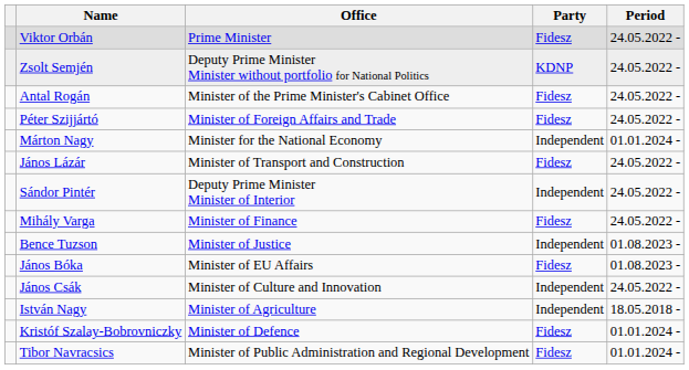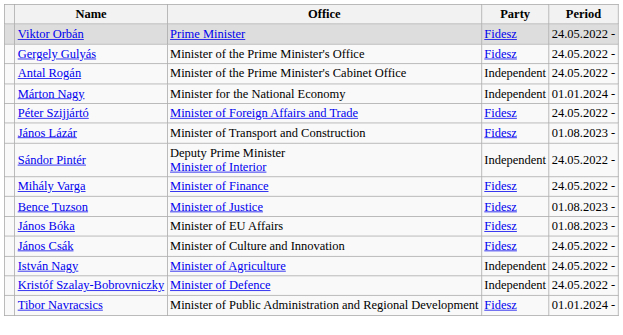 <table class="wikitable sortable" style="border-collapse:collapse; border:#555">
 <tr>
 <th class="unsortable" width=6px></th>
 <th>Name</th>
 <th>Office</th>
 <th>Party</th>
 <th>Period</th>
 </tr>
 <tr bgcolor="#DDDDDD">
 <td style="background-color: "></td>
 <td><a href='#'>Viktor Orbán</a></td>
 <td><a href='#'>Prime Minister</a></td>
 <td><a href='#'>Fidesz</a></td>
 <td>24.05.2022 -</td>
 </tr>
-<tr bgcolor="#EEEEEE">
+<tr>
 <td style="background-color: "></td>
-<td><a href='#'>Zsolt Semjén</a></td>
-<td>Deputy Prime Minister<br><a href='#'>Minister without portfolio</a> <small>for National Politics</small></td>
-<td><a href='#'>KDNP</a></td>
+<td><a href='#'>Gergely Gulyás</a></td>
+<td>Minister of the Prime Minister's Office</td>
+<td><a href='#'>Fidesz</a></td>
 <td>24.05.2022 -</td>
 </tr>
 <tr>
 <td style="background-color: "></td>
 <td><a href='#'>Antal Rogán</a></td>
 <td>Minister of the Prime Minister's Cabinet Office</td>
-<td><a href='#'>Fidesz</a></td>
-<td>24.05.2022 -</td>
-</tr>
-<tr>
-<td style="background-color: "></td>
-<td><a href='#'>Péter Szijjártó</a></td>
-<td><a href='#'>Minister of Foreign Affairs and Trade</a></td>
-<td><a href='#'>Fidesz</a></td>
+<td>Independent</td>
 <td>24.05.2022 -</td>
 </tr>
 <tr>
 <td style="background-color: "></td>
 <td><a href='#'>Márton Nagy</a></td>
 <td>Minister for the National Economy</td>
 <td>Independent</td>
 <td>01.01.2024 -</td>
 </tr>
 <tr>
 <td style="background-color: "></td>
+<td><a href='#'>Péter Szijjártó</a></td>
+<td><a href='#'>Minister of Foreign Affairs and Trade</a></td>
+<td><a href='#'>Fidesz</a></td>
+<td>24.05.2022 -</td>
+</tr>
+<tr>
+<td style="background-color: "></td>
 <td><a href='#'>János Lázár</a></td>
 <td>Minister of Transport and Construction</td>
 <td><a href='#'>Fidesz</a></td>
-<td>24.05.2022 -</td>
+<td>01.08.2023 -</td>
 </tr>
 <tr>
 <td style="background-color: "></td>
 <td><a href='#'>Sándor Pintér</a></td>
 <td>Deputy Prime Minister<br><a href='#'>Minister of Interior</a></td>
 <td>Independent</td>
 <td>24.05.2022 -</td>
 </tr>
 <tr>
 <td style="background-color: "></td>
 <td><a href='#'>Mihály Varga</a></td>
 <td><a href='#'>Minister of Finance</a></td>
 <td><a href='#'>Fidesz</a></td>
 <td>24.05.2022 -</td>
 </tr>
 <tr>
 <td style="background-color: "></td>
 <td><a href='#'>Bence Tuzson</a></td>
 <td><a href='#'>Minister of Justice</a></td>
-<td>Independent</td>
+<td><a href='#'>Fidesz</a></td>
 <td>01.08.2023 -</td>
 </tr>
 <tr>
 <td style="background-color: "></td>
 <td><a href='#'>János Bóka</a></td>
 <td>Minister of EU Affairs</td>
 <td><a href='#'>Fidesz</a></td>
 <td>01.08.2023 -</td>
 </tr>
 <tr>
 <td style="background-color: "></td>
 <td><a href='#'>János Csák</a></td>
 <td>Minister of Culture and Innovation</td>
-<td>Independent</td>
+<td><a href='#'>Fidesz</a></td>
 <td>24.05.2022 -</td>
 </tr>
 <tr>
 <td style="background-color: "></td>
 <td><a href='#'>István Nagy</a></td>
 <td><a href='#'>Minister of Agriculture</a></td>
 <td>Independent</td>
-<td>18.05.2018 -</td>
+<td>24.05.2022 -</td>
 </tr>
 <tr>
 <td style="background-color: "></td>
 <td><a href='#'>Kristóf Szalay-Bobrovniczky</a></td>
 <td><a href='#'>Minister of Defence</a></td>
-<td><a href='#'>Fidesz</a></td>
-<td>01.01.2024 -</td>
+<td>Independent</td>
+<td>24.05.2022 -</td>
 </tr>
 <tr>
 <td style="background-color: "></td>
 <td><a href='#'>Tibor Navracsics</a></td>
 <td>Minister of Public Administration and Regional Development</td>
 <td><a href='#'>Fidesz</a></td>
 <td>01.01.2024 -</td>
 </tr>
 </table>
